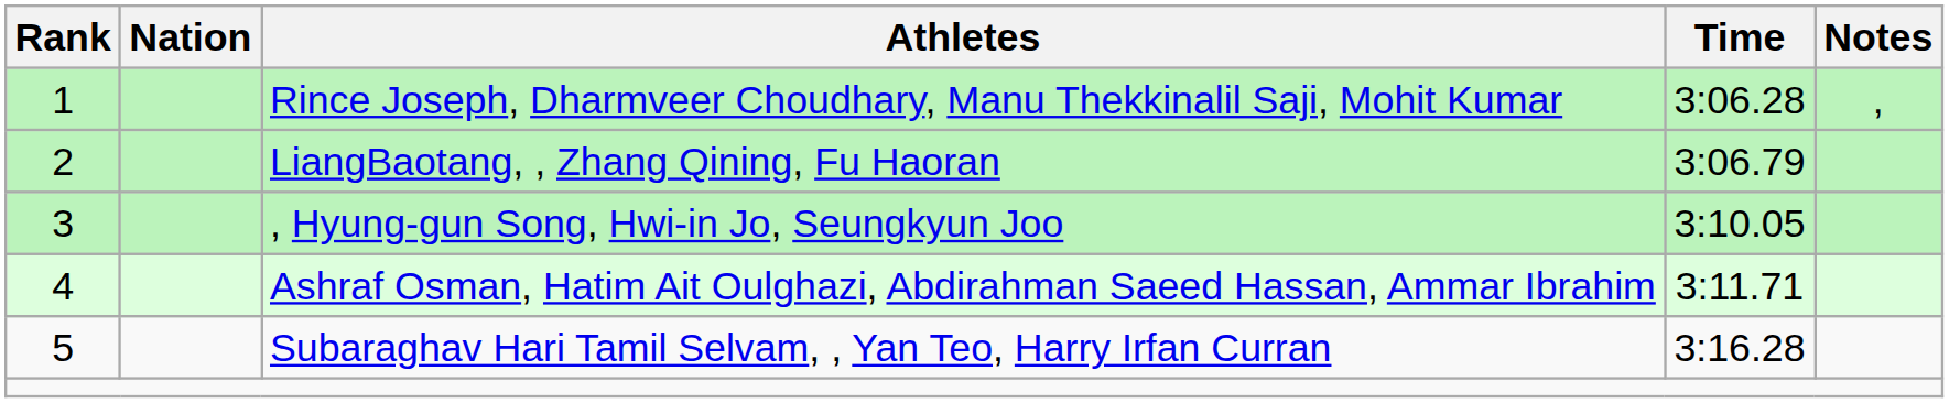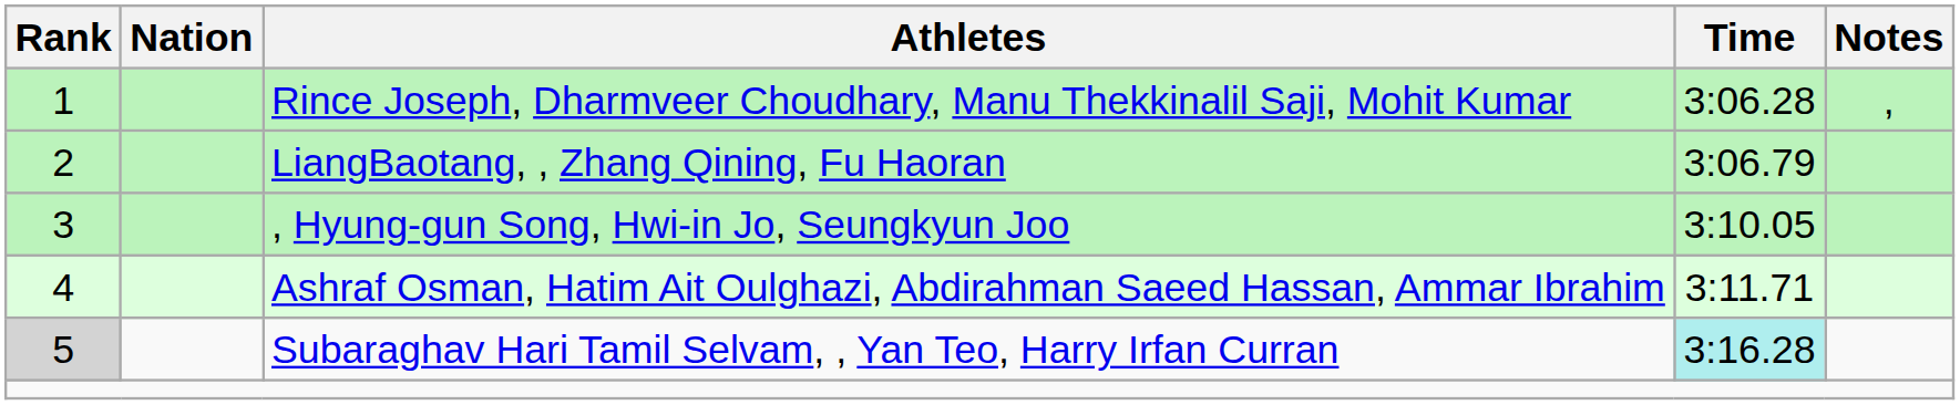 <table class="wikitable sortable" style="text-align:center;font-size:95%">
 <tr>
 <th scope="col" style="width: 10px;">Rank</th>
 <th scope="col">Nation</th>
 <th scope="col">Athletes</th>
 <th scope="col">Time</th>
 <th scope="col">Notes</th>
 </tr>
 <tr bgcolor=bbf3bb>
 <td>1</td>
 <td align="left"></td>
 <td align="left"><a href='#'>Rince Joseph</a>, <a href='#'>Dharmveer Choudhary</a>, <a href='#'>Manu Thekkinalil Saji</a>, <a href='#'>Mohit Kumar</a></td>
 <td>3:06.28</td>
 <td>, </td>
 </tr>
 <tr bgcolor=bbf3bb>
 <td>2</td>
 <td align="left"></td>
 <td align="left"><a href='#'>LiangBaotang</a>, , <a href='#'>Zhang Qining</a>, <a href='#'>Fu Haoran</a></td>
 <td>3:06.79</td>
 <td></td>
 </tr>
 <tr bgcolor=bbf3bb>
 <td>3</td>
 <td align="left"></td>
 <td align="left">, <a href='#'>Hyung-gun Song</a>, <a href='#'>Hwi-in Jo</a>, <a href='#'>Seungkyun Joo</a></td>
 <td>3:10.05</td>
 <td></td>
 </tr>
 <tr bgcolor=ddffdd>
 <td>4</td>
 <td align="left"></td>
 <td align="left"><a href='#'>Ashraf Osman</a>, <a href='#'>Hatim Ait Oulghazi</a>, <a href='#'>Abdirahman Saeed Hassan</a>, <a href='#'>Ammar Ibrahim</a></td>
 <td>3:11.71</td>
 <td></td>
 </tr>
 <tr>
-<td>5</td>
+<td style="background: lightgrey;">5</td>
 <td align="left"></td>
 <td align="left"><a href='#'>Subaraghav Hari Tamil Selvam</a>, , <a href='#'>Yan Teo</a>, <a href='#'>Harry Irfan Curran</a></td>
-<td>3:16.28</td>
+<td style="background: paleturquoise;">3:16.28</td>
 <td></td>
 </tr>
 <tr class="sortbottom">
 <td colspan="5"></td>
 </tr>
 </table>
